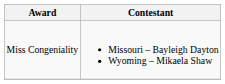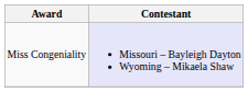 <table class="wikitable sortable" style="font-size: 95%;">
 <tr>
 <th>Award</th>
 <th>Contestant</th>
 </tr>
 <tr>
 <td>Miss Congeniality</td>
-<td><br><ul><li>Missouri – Bayleigh Dayton</li><li>Wyoming – Mikaela Shaw</li></ul></td>
+<td style="background: lavender;"><br><ul><li>Missouri – Bayleigh Dayton</li><li>Wyoming – Mikaela Shaw</li></ul></td>
 </tr>
 <tr>
 </tr>
 </table>
